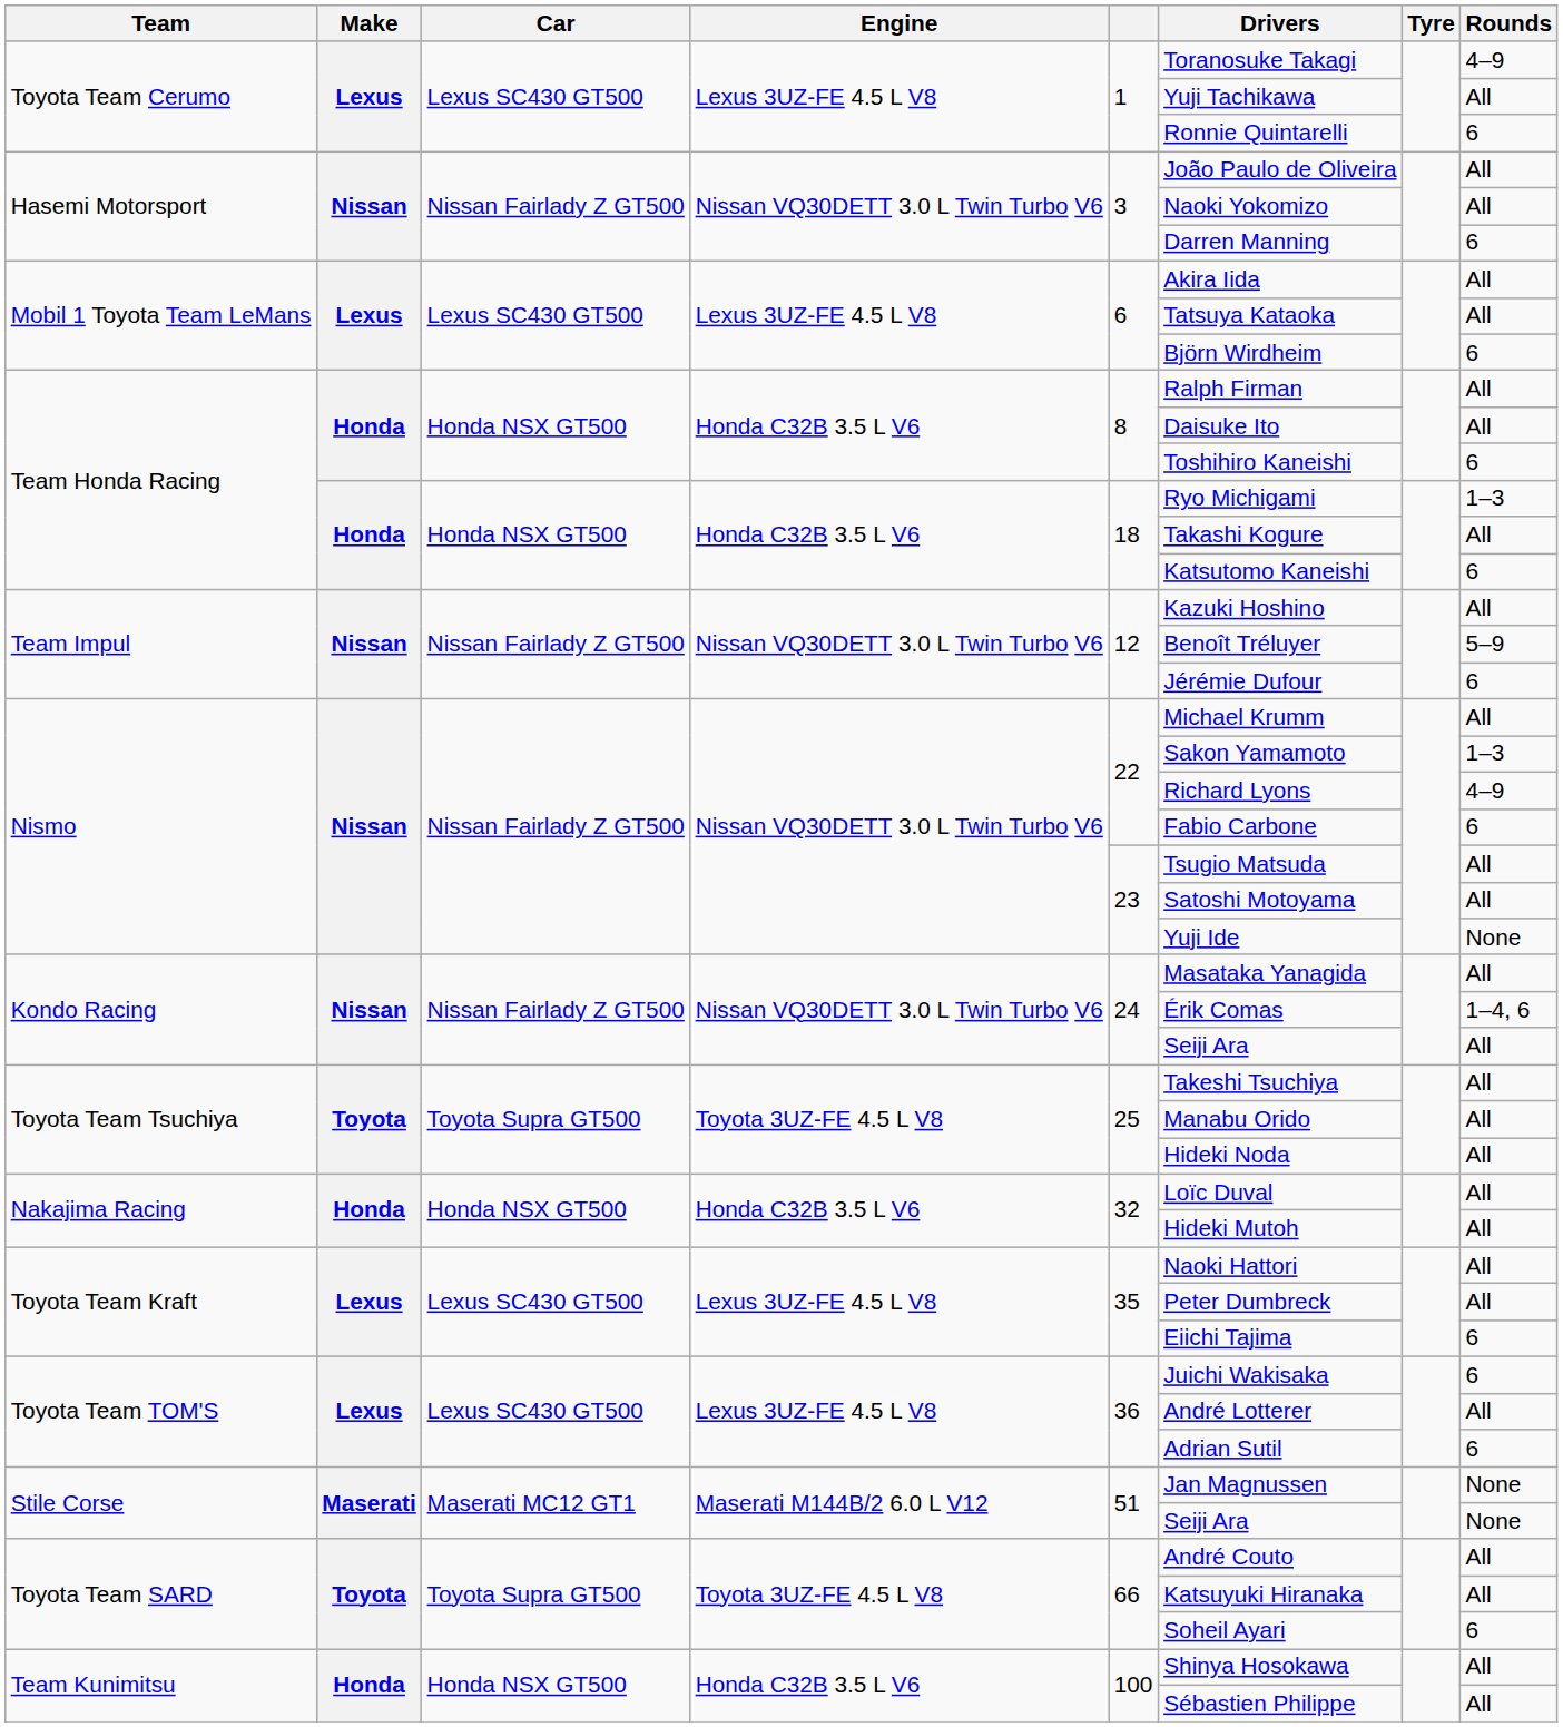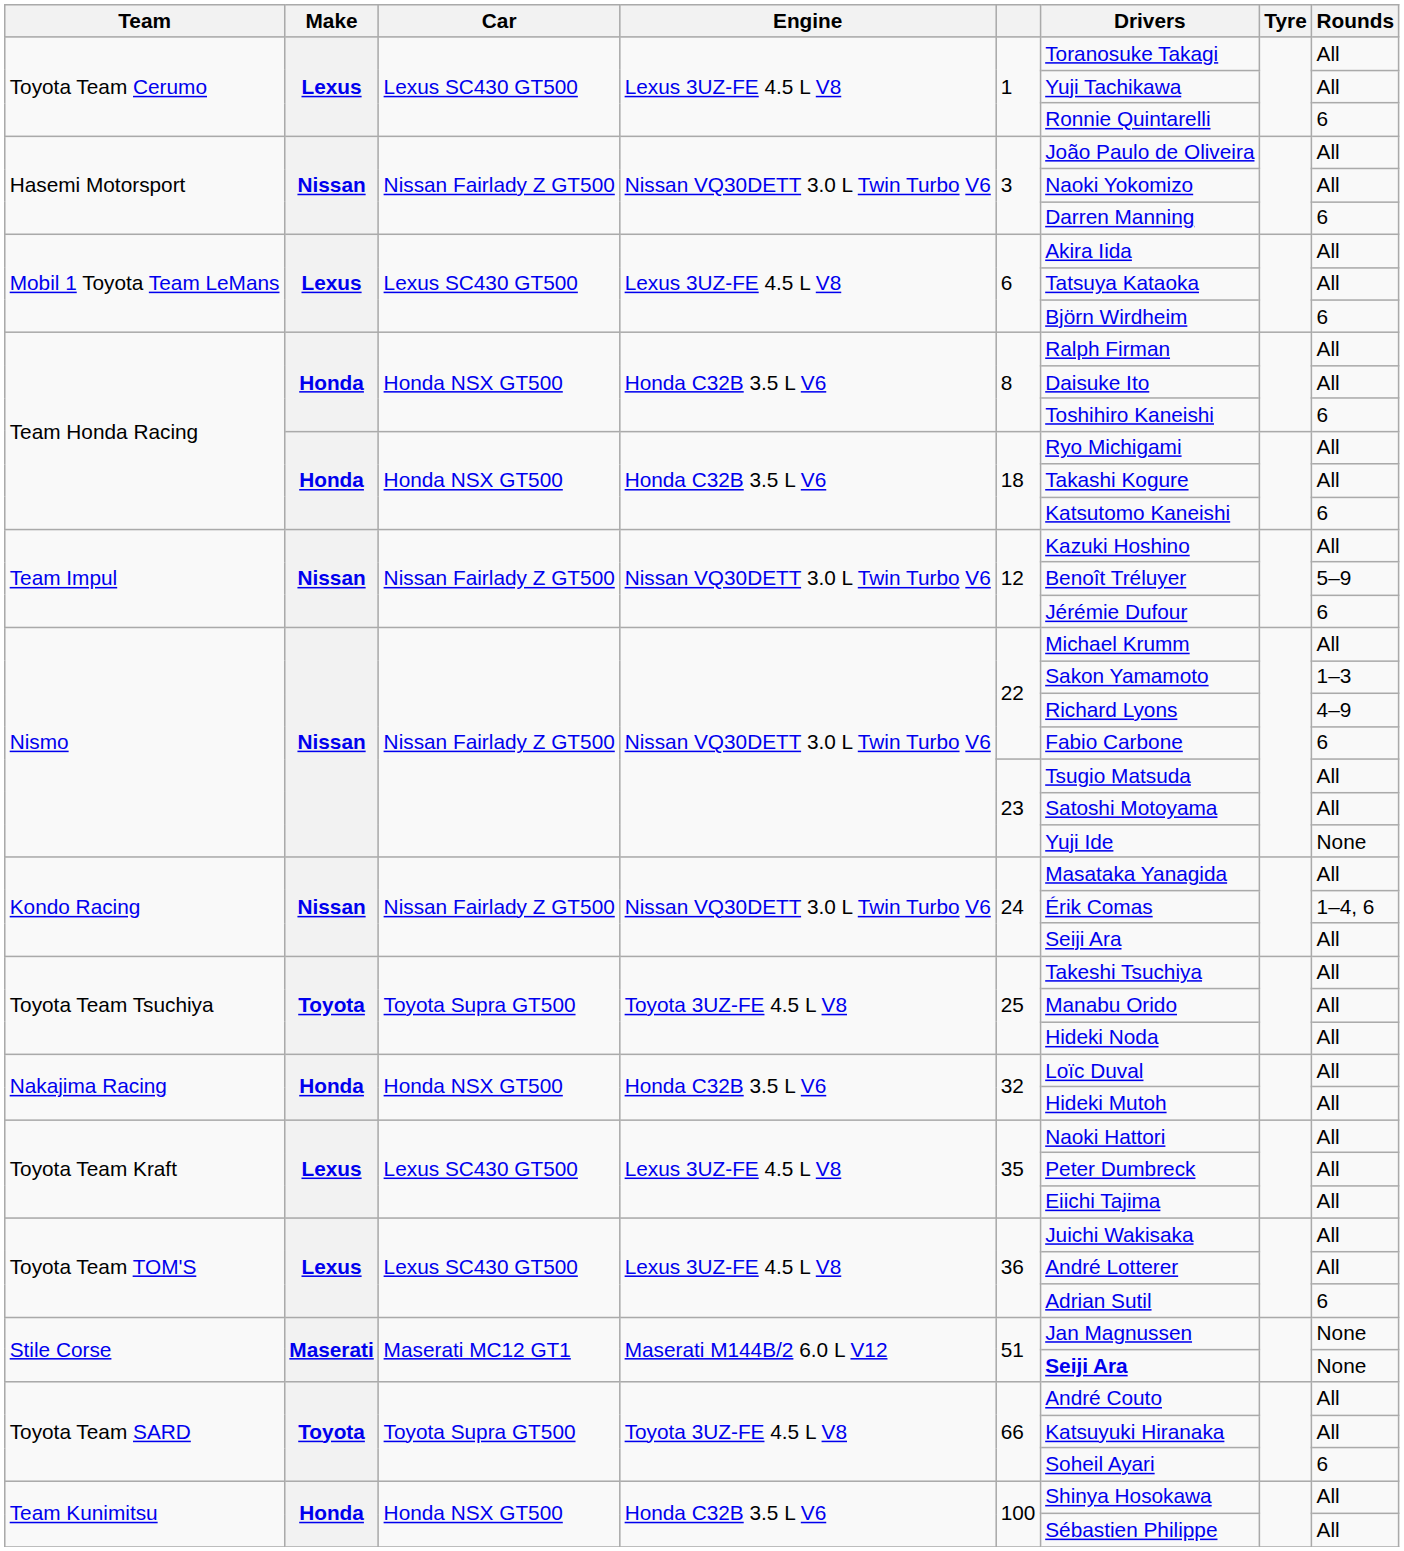 <table class="wikitable" style="font-size: 85%">
 <tr>
 <th>Team</th>
 <th>Make</th>
 <th>Car</th>
 <th>Engine</th>
 <th></th>
 <th>Drivers</th>
 <th>Tyre</th>
 <th>Rounds</th>
 </tr>
 <tr>
 <td rowspan=3>Toyota Team <a href='#'>Cerumo</a></td>
 <th rowspan=3><a href='#'>Lexus</a></th>
 <td rowspan=3><a href='#'>Lexus SC430 GT500</a></td>
 <td rowspan=3><a href='#'>Lexus 3UZ-FE</a> 4.5 L <a href='#'>V8</a></td>
 <td rowspan=3>1</td>
 <td> <a href='#'>Toranosuke Takagi</a></td>
 <td rowspan=3 align="center"></td>
-<td>4–9</td>
+<td>All</td>
 </tr>
 <tr>
 <td> <a href='#'>Yuji Tachikawa</a></td>
 <td>All</td>
 </tr>
 <tr>
 <td> <a href='#'>Ronnie Quintarelli</a></td>
 <td>6</td>
 </tr>
 <tr>
 <td rowspan=3>Hasemi Motorsport</td>
 <th rowspan=3><a href='#'>Nissan</a></th>
 <td rowspan=3><a href='#'>Nissan Fairlady Z GT500</a></td>
 <td rowspan=3><a href='#'>Nissan VQ30DETT</a> 3.0 L <a href='#'>Twin Turbo</a> <a href='#'>V6</a></td>
 <td rowspan=3>3</td>
 <td> <a href='#'>João Paulo de Oliveira</a></td>
 <td rowspan=3 align="center"></td>
 <td>All</td>
 </tr>
 <tr>
 <td> <a href='#'>Naoki Yokomizo</a></td>
 <td>All</td>
 </tr>
 <tr>
 <td> <a href='#'>Darren Manning</a></td>
 <td>6</td>
 </tr>
 <tr>
 <td rowspan=3><a href='#'>Mobil 1</a> Toyota <a href='#'>Team LeMans</a></td>
 <th rowspan=3><a href='#'>Lexus</a></th>
 <td rowspan=3><a href='#'>Lexus SC430 GT500</a></td>
 <td rowspan=3><a href='#'>Lexus 3UZ-FE</a> 4.5 L <a href='#'>V8</a></td>
 <td rowspan=3>6</td>
 <td> <a href='#'>Akira Iida</a></td>
 <td rowspan=3 align="center"></td>
 <td>All</td>
 </tr>
 <tr>
 <td> <a href='#'>Tatsuya Kataoka</a></td>
 <td>All</td>
 </tr>
 <tr>
 <td> <a href='#'>Björn Wirdheim</a></td>
 <td>6</td>
 </tr>
 <tr>
 <td rowspan="6">Team Honda Racing</td>
 <th rowspan=3><a href='#'>Honda</a></th>
 <td rowspan=3><a href='#'>Honda NSX GT500</a></td>
 <td rowspan=3><a href='#'>Honda C32B</a> 3.5 L <a href='#'>V6</a></td>
 <td rowspan=3>8</td>
 <td> <a href='#'>Ralph Firman</a></td>
 <td rowspan=3 align="center"></td>
 <td>All</td>
 </tr>
 <tr>
 <td> <a href='#'>Daisuke Ito</a></td>
 <td>All</td>
 </tr>
 <tr>
 <td> <a href='#'>Toshihiro Kaneishi</a></td>
 <td>6</td>
 </tr>
 <tr>
 <th rowspan="3"><a href='#'>Honda</a></th>
 <td rowspan="3"><a href='#'>Honda NSX GT500</a></td>
 <td rowspan="3"><a href='#'>Honda C32B</a> 3.5 L <a href='#'>V6</a></td>
 <td rowspan="3">18</td>
 <td> <a href='#'>Ryo Michigami</a></td>
 <td rowspan="3"></td>
-<td>1–3</td>
+<td>All</td>
 </tr>
 <tr>
 <td> <a href='#'>Takashi Kogure</a></td>
 <td>All</td>
 </tr>
 <tr>
 <td> <a href='#'>Katsutomo Kaneishi</a></td>
 <td>6</td>
 </tr>
 <tr>
 <td rowspan="3"><a href='#'>Team Impul</a></td>
 <th rowspan="3"><a href='#'>Nissan</a></th>
 <td rowspan="3"><a href='#'>Nissan Fairlady Z GT500</a></td>
 <td rowspan="3"><a href='#'>Nissan VQ30DETT</a> 3.0 L <a href='#'>Twin Turbo</a> <a href='#'>V6</a></td>
 <td rowspan="3">12</td>
 <td> <a href='#'>Kazuki Hoshino</a></td>
 <td rowspan="3" align="center"></td>
 <td>All</td>
 </tr>
 <tr>
 <td> <a href='#'>Benoît Tréluyer</a></td>
 <td>5–9</td>
 </tr>
 <tr>
 <td> <a href='#'>Jérémie Dufour</a></td>
 <td>6</td>
 </tr>
 <tr>
 <td rowspan=7><a href='#'>Nismo</a></td>
 <th rowspan=7><a href='#'>Nissan</a></th>
 <td rowspan=7><a href='#'>Nissan Fairlady Z GT500</a></td>
 <td rowspan=7><a href='#'>Nissan VQ30DETT</a> 3.0 L <a href='#'>Twin Turbo</a> <a href='#'>V6</a></td>
 <td rowspan=4>22</td>
 <td> <a href='#'>Michael Krumm</a></td>
 <td rowspan=7 align="center"></td>
 <td>All</td>
 </tr>
 <tr>
 <td> <a href='#'>Sakon Yamamoto</a></td>
 <td>1–3</td>
 </tr>
 <tr>
 <td> <a href='#'>Richard Lyons</a></td>
 <td>4–9</td>
 </tr>
 <tr>
 <td> <a href='#'>Fabio Carbone</a></td>
 <td>6</td>
 </tr>
 <tr>
 <td rowspan=3>23</td>
 <td> <a href='#'>Tsugio Matsuda</a></td>
 <td>All</td>
 </tr>
 <tr>
 <td> <a href='#'>Satoshi Motoyama</a></td>
 <td>All</td>
 </tr>
 <tr>
 <td> <a href='#'>Yuji Ide</a></td>
 <td>None</td>
 </tr>
 <tr>
 <td rowspan=3><a href='#'>Kondo Racing</a></td>
 <th rowspan=3><a href='#'>Nissan</a></th>
 <td rowspan=3><a href='#'>Nissan Fairlady Z GT500</a></td>
 <td rowspan=3><a href='#'>Nissan VQ30DETT</a> 3.0 L <a href='#'>Twin Turbo</a> <a href='#'>V6</a></td>
 <td rowspan=3>24</td>
 <td> <a href='#'>Masataka Yanagida</a></td>
 <td rowspan=3 align="center"></td>
 <td>All</td>
 </tr>
 <tr>
 <td> <a href='#'>Érik Comas</a></td>
 <td>1–4, 6</td>
 </tr>
 <tr>
 <td> <a href='#'>Seiji Ara</a></td>
 <td>All</td>
 </tr>
 <tr>
 <td rowspan=3>Toyota Team Tsuchiya</td>
 <th rowspan=3><a href='#'>Toyota</a></th>
 <td rowspan=3><a href='#'>Toyota Supra GT500</a></td>
 <td rowspan=3><a href='#'>Toyota 3UZ-FE</a> 4.5 L <a href='#'>V8</a></td>
 <td rowspan=3>25</td>
 <td> <a href='#'>Takeshi Tsuchiya</a></td>
 <td rowspan=3 align="center"></td>
 <td>All</td>
 </tr>
 <tr>
 <td> <a href='#'>Manabu Orido</a></td>
 <td>All</td>
 </tr>
 <tr>
 <td> <a href='#'>Hideki Noda</a></td>
 <td>All</td>
 </tr>
 <tr>
 <td rowspan=2><a href='#'>Nakajima Racing</a></td>
 <th rowspan=2><a href='#'>Honda</a></th>
 <td rowspan=2><a href='#'>Honda NSX GT500</a></td>
 <td rowspan=2><a href='#'>Honda C32B</a> 3.5 L <a href='#'>V6</a></td>
 <td rowspan=2>32</td>
 <td> <a href='#'>Loïc Duval</a></td>
 <td rowspan=2 align="center"></td>
 <td>All</td>
 </tr>
 <tr>
 <td> <a href='#'>Hideki Mutoh</a></td>
 <td>All</td>
 </tr>
 <tr>
 <td rowspan=3>Toyota Team Kraft</td>
 <th rowspan=3><a href='#'>Lexus</a></th>
 <td rowspan=3><a href='#'>Lexus SC430 GT500</a></td>
 <td rowspan=3><a href='#'>Lexus 3UZ-FE</a> 4.5 L <a href='#'>V8</a></td>
 <td rowspan=3>35</td>
 <td> <a href='#'>Naoki Hattori</a></td>
 <td rowspan=3 align="center"></td>
 <td>All</td>
 </tr>
 <tr>
 <td> <a href='#'>Peter Dumbreck</a></td>
 <td>All</td>
 </tr>
 <tr>
 <td> <a href='#'>Eiichi Tajima</a></td>
-<td>6</td>
+<td>All</td>
 </tr>
 <tr>
 <td rowspan=3>Toyota Team <a href='#'>TOM'S</a></td>
 <th rowspan=3><a href='#'>Lexus</a></th>
 <td rowspan=3><a href='#'>Lexus SC430 GT500</a></td>
 <td rowspan=3><a href='#'>Lexus 3UZ-FE</a> 4.5 L <a href='#'>V8</a></td>
 <td rowspan=3>36</td>
 <td> <a href='#'>Juichi Wakisaka</a></td>
 <td rowspan=3 align="center"></td>
-<td>6</td>
+<td>All</td>
 </tr>
 <tr>
 <td> <a href='#'>André Lotterer</a></td>
 <td>All</td>
 </tr>
 <tr>
 <td> <a href='#'>Adrian Sutil</a></td>
 <td>6</td>
 </tr>
 <tr>
 <td rowspan="2"><a href='#'>Stile Corse</a></td>
 <th rowspan="2"><a href='#'>Maserati</a></th>
 <td rowspan="2"><a href='#'>Maserati MC12 GT1</a></td>
 <td rowspan="2"><a href='#'>Maserati M144B/2</a> 6.0 L <a href='#'>V12</a></td>
 <td rowspan="2">51</td>
 <td> <a href='#'>Jan Magnussen</a></td>
 <td rowspan="2" align="center"></td>
 <td>None</td>
 </tr>
 <tr>
-<td> <a href='#'>Seiji Ara</a></td>
+<td><strong> <a href='#'>Seiji Ara</a></strong></td>
 <td>None</td>
 </tr>
 <tr>
 <td rowspan=3>Toyota Team <a href='#'>SARD</a></td>
 <th rowspan=3><a href='#'>Toyota</a></th>
 <td rowspan=3><a href='#'>Toyota Supra GT500</a></td>
 <td rowspan=3><a href='#'>Toyota 3UZ-FE</a> 4.5 L <a href='#'>V8</a></td>
 <td rowspan=3>66</td>
 <td> <a href='#'>André Couto</a></td>
 <td rowspan=3 align="center"></td>
 <td>All</td>
 </tr>
 <tr>
 <td> <a href='#'>Katsuyuki Hiranaka</a></td>
 <td>All</td>
 </tr>
 <tr>
 <td> <a href='#'>Soheil Ayari</a></td>
 <td>6</td>
 </tr>
 <tr>
 <td rowspan=2><a href='#'>Team Kunimitsu</a></td>
 <th rowspan=2><a href='#'>Honda</a></th>
 <td rowspan=2><a href='#'>Honda NSX GT500</a></td>
 <td rowspan=2><a href='#'>Honda C32B</a> 3.5 L <a href='#'>V6</a></td>
 <td rowspan=2>100</td>
 <td> <a href='#'>Shinya Hosokawa</a></td>
 <td rowspan=2 align="center"></td>
 <td>All</td>
 </tr>
 <tr>
 <td> <a href='#'>Sébastien Philippe</a></td>
 <td>All</td>
 </tr>
 </table>
